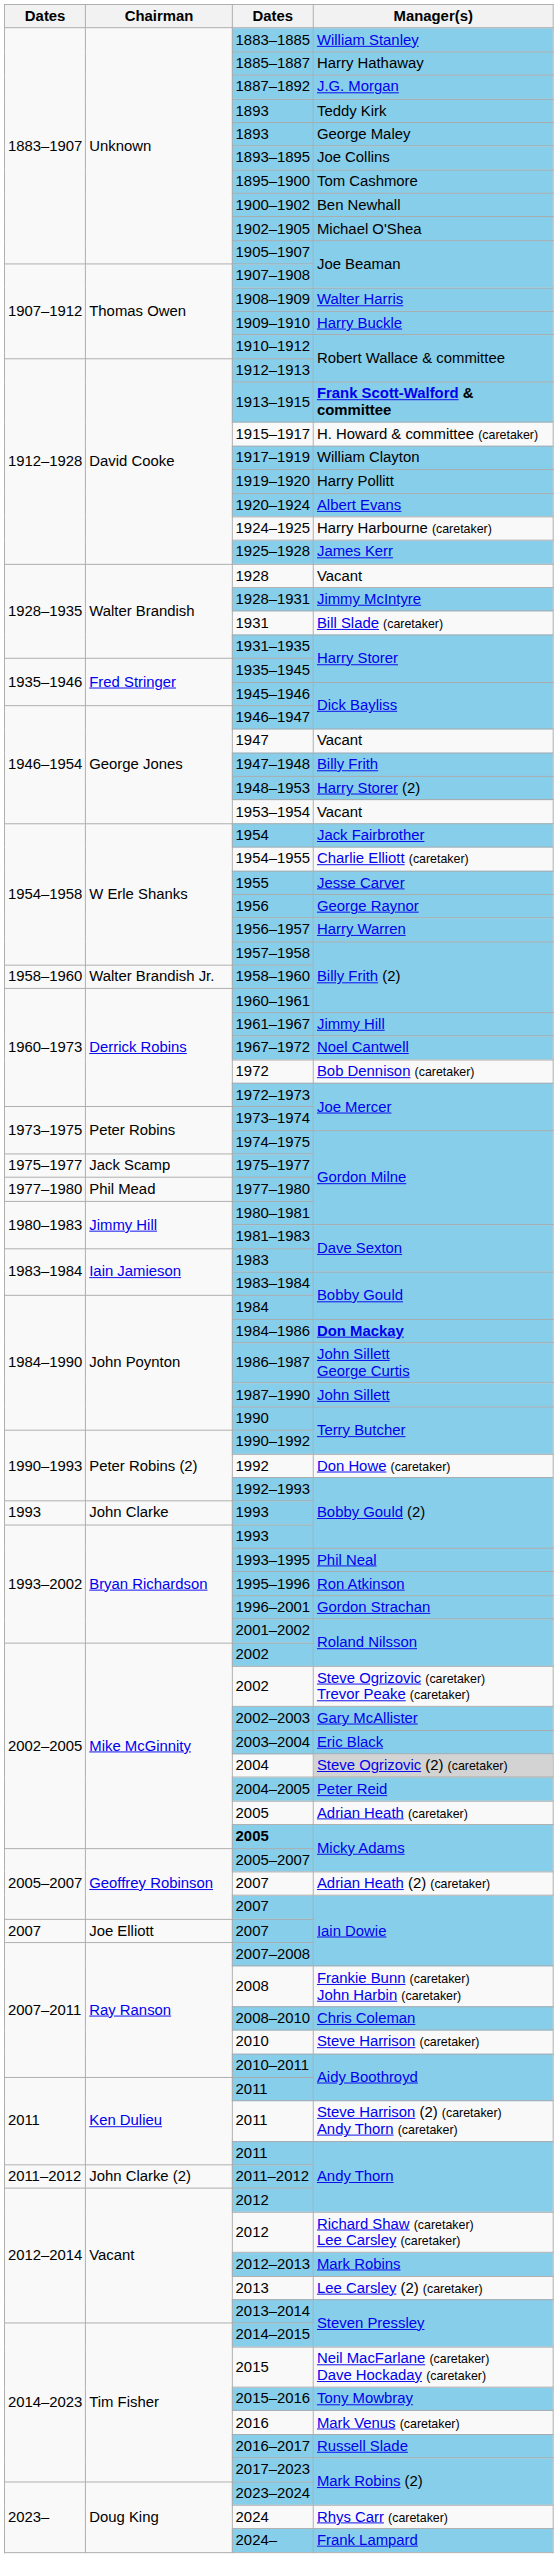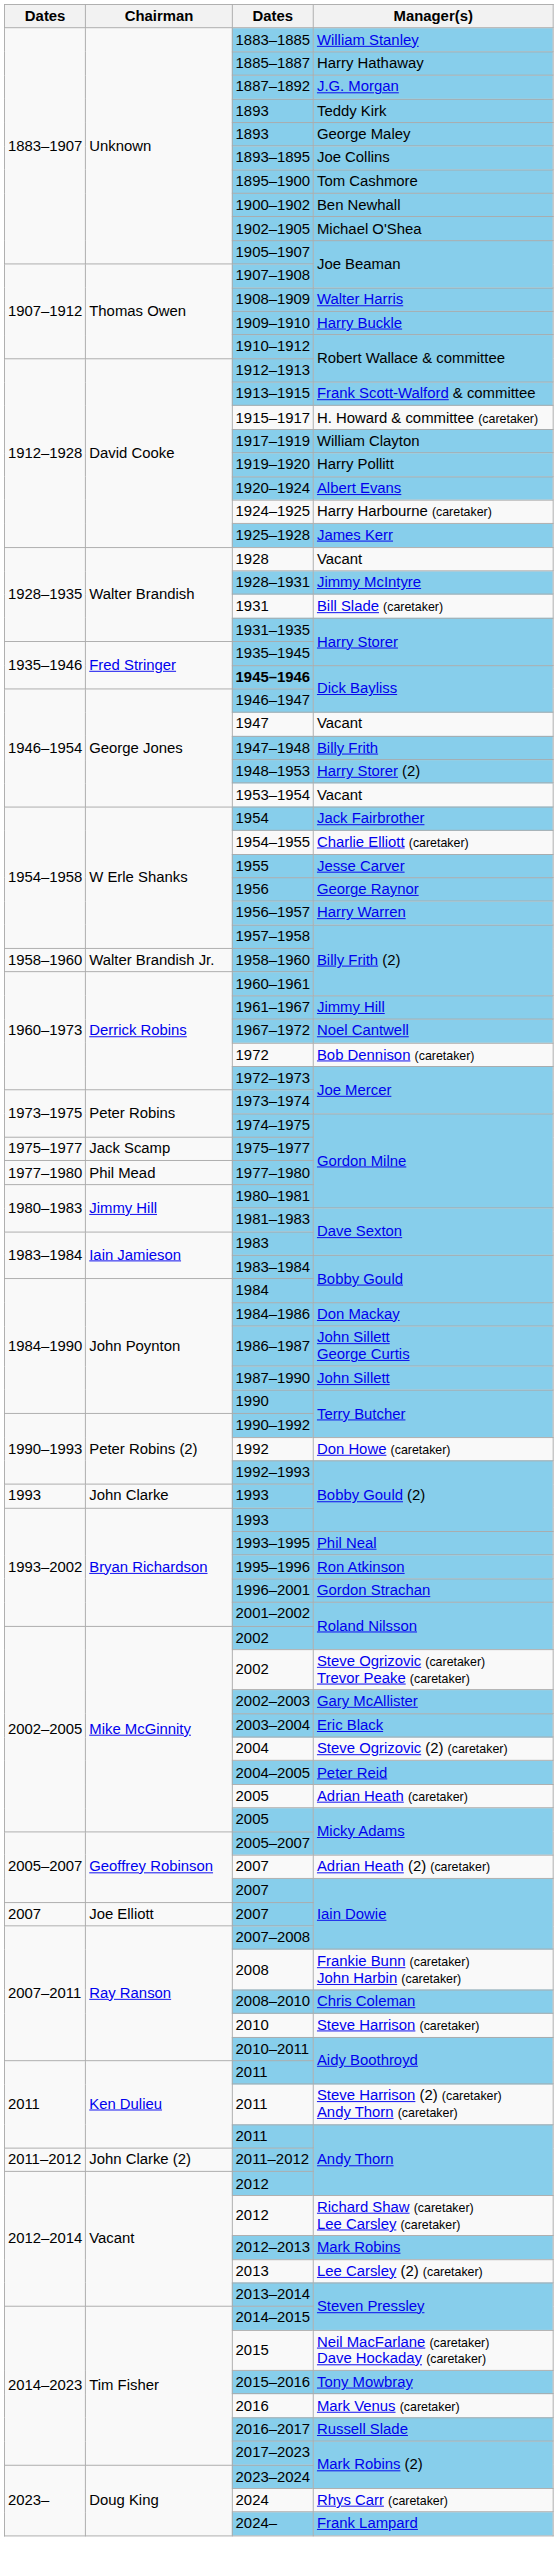 <table class="wikitable">
 <tr>
 <th>Dates</th>
 <th style="width:150px">Chairman</th>
 <th>Dates</th>
 <th style="width:250px">Manager(s)</th>
 </tr>
 <tr>
 <td rowspan=10>1883–1907</td>
 <td rowspan=10>Unknown</td>
 <td style="background:skyblue;">1883–1885</td>
 <td style="background:skyblue;"> <a href='#'>William Stanley</a></td>
 </tr>
 <tr>
 <td style="background:skyblue;">1885–1887</td>
 <td style="background:skyblue;"> Harry Hathaway</td>
 </tr>
 <tr>
 <td style="background:skyblue;">1887–1892</td>
 <td style="background:skyblue;"> <a href='#'>J.G. Morgan</a></td>
 </tr>
 <tr>
 <td style="background:skyblue;">1893</td>
 <td style="background:skyblue;"> Teddy Kirk</td>
 </tr>
 <tr>
 <td style="background:skyblue;">1893</td>
 <td style="background:skyblue;"> George Maley</td>
 </tr>
 <tr>
 <td style="background:skyblue;">1893–1895</td>
 <td style="background:skyblue;"> Joe Collins</td>
 </tr>
 <tr>
 <td style="background:skyblue;">1895–1900</td>
 <td style="background:skyblue;"> Tom Cashmore</td>
 </tr>
 <tr>
 <td style="background:skyblue;">1900–1902</td>
 <td style="background:skyblue;"> Ben Newhall</td>
 </tr>
 <tr>
 <td style="background:skyblue;">1902–1905</td>
 <td style="background:skyblue;"> Michael O'Shea</td>
 </tr>
 <tr>
 <td style="background:skyblue;">1905–1907</td>
 <td rowspan=2 style="background:skyblue;"> Joe Beaman</td>
 </tr>
 <tr>
 <td rowspan=4>1907–1912</td>
 <td rowspan=4> Thomas Owen</td>
 <td style="background:skyblue;">1907–1908</td>
 </tr>
 <tr>
 <td style="background:skyblue;">1908–1909</td>
 <td style="background:skyblue;"> <a href='#'>Walter Harris</a></td>
 </tr>
 <tr>
 <td style="background:skyblue;">1909–1910</td>
 <td style="background:skyblue;"> <a href='#'>Harry Buckle</a></td>
 </tr>
 <tr>
 <td style="background:skyblue;">1910–1912</td>
 <td rowspan=2 style="background:skyblue;"> Robert Wallace & committee</td>
 </tr>
 <tr>
 <td rowspan=8>1912–1928</td>
 <td rowspan=8> David Cooke</td>
 <td style="background:skyblue;">1912–1913</td>
 </tr>
 <tr>
 <td style="background:skyblue;">1913–1915</td>
-<td style="background:skyblue;"><strong> <a href='#'>Frank Scott-Walford</a> & committee</strong></td>
+<td style="background:skyblue;"> <a href='#'>Frank Scott-Walford</a> & committee</td>
 </tr>
 <tr>
 <td>1915–1917</td>
 <td> H. Howard & committee <small>(caretaker)</small></td>
 </tr>
 <tr>
 <td style="background:skyblue;">1917–1919</td>
 <td style="background:skyblue;"> William Clayton</td>
 </tr>
 <tr>
 <td style="background:skyblue;">1919–1920</td>
 <td style="background:skyblue;"> Harry Pollitt</td>
 </tr>
 <tr>
 <td style="background:skyblue;">1920–1924</td>
 <td style="background:skyblue;"> <a href='#'>Albert Evans</a></td>
 </tr>
 <tr>
 <td>1924–1925</td>
 <td> Harry Harbourne <small>(caretaker)</small></td>
 </tr>
 <tr>
 <td style="background:skyblue;">1925–1928</td>
 <td style="background:skyblue;"> <a href='#'>James Kerr</a></td>
 </tr>
 <tr>
 <td rowspan=4>1928–1935</td>
 <td rowspan=4> Walter Brandish</td>
 <td>1928</td>
 <td>Vacant</td>
 </tr>
 <tr>
 <td style="background:skyblue;">1928–1931</td>
 <td style="background:skyblue;"> <a href='#'>Jimmy McIntyre</a></td>
 </tr>
 <tr>
 <td>1931</td>
 <td> <a href='#'>Bill Slade</a> <small>(caretaker)</small></td>
 </tr>
 <tr>
 <td style="background:skyblue;">1931–1935</td>
 <td rowspan=2 style="background:skyblue;"> <a href='#'>Harry Storer</a></td>
 </tr>
 <tr>
 <td rowspan=2>1935–1946</td>
 <td rowspan=2> <a href='#'>Fred Stringer</a></td>
 <td style="background:skyblue;">1935–1945</td>
 </tr>
 <tr>
-<td style="background:skyblue;">1945–1946</td>
+<td style="background:skyblue;"><strong>1945–1946</strong></td>
 <td rowspan=2 style="background:skyblue;"> <a href='#'>Dick Bayliss</a></td>
 </tr>
 <tr>
 <td rowspan=5>1946–1954</td>
 <td rowspan=5> George Jones</td>
 <td style="background:skyblue;">1946–1947</td>
 </tr>
 <tr>
 <td>1947</td>
 <td>Vacant</td>
 </tr>
 <tr>
 <td style="background:skyblue;">1947–1948</td>
 <td style="background:skyblue;"> <a href='#'>Billy Frith</a></td>
 </tr>
 <tr>
 <td style="background:skyblue;">1948–1953</td>
 <td style="background:skyblue;"> <a href='#'>Harry Storer</a> (2)</td>
 </tr>
 <tr>
 <td>1953–1954</td>
 <td>Vacant</td>
 </tr>
 <tr>
 <td rowspan=6>1954–1958</td>
 <td rowspan=6> W Erle Shanks</td>
 <td style="background:skyblue;">1954</td>
 <td style="background:skyblue;"> <a href='#'>Jack Fairbrother</a></td>
 </tr>
 <tr>
 <td>1954–1955</td>
 <td> <a href='#'>Charlie Elliott</a> <small>(caretaker)</small></td>
 </tr>
 <tr>
 <td style="background:skyblue;">1955</td>
 <td style="background:skyblue;"> <a href='#'>Jesse Carver</a></td>
 </tr>
 <tr>
 <td style="background:skyblue;">1956</td>
 <td style="background:skyblue;"> <a href='#'>George Raynor</a></td>
 </tr>
 <tr>
 <td style="background:skyblue;">1956–1957</td>
 <td style="background:skyblue;"> <a href='#'>Harry Warren</a></td>
 </tr>
 <tr>
 <td style="background:skyblue;">1957–1958</td>
 <td rowspan=3 style="background:skyblue;"> <a href='#'>Billy Frith</a> (2)</td>
 </tr>
 <tr>
 <td>1958–1960</td>
 <td> Walter Brandish Jr.</td>
 <td style="background:skyblue;">1958–1960</td>
 </tr>
 <tr>
 <td rowspan=5>1960–1973</td>
 <td rowspan=5> <a href='#'>Derrick Robins</a></td>
 <td style="background:skyblue;">1960–1961</td>
 </tr>
 <tr>
 <td style="background:skyblue;">1961–1967</td>
 <td style="background:skyblue;"> <a href='#'>Jimmy Hill</a></td>
 </tr>
 <tr>
 <td style="background:skyblue;">1967–1972</td>
 <td style="background:skyblue;"> <a href='#'>Noel Cantwell</a></td>
 </tr>
 <tr>
 <td>1972</td>
 <td> <a href='#'>Bob Dennison</a> <small>(caretaker)</small></td>
 </tr>
 <tr>
 <td style="background:skyblue;">1972–1973</td>
 <td rowspan=2 style="background:skyblue;"> <a href='#'>Joe Mercer</a></td>
 </tr>
 <tr>
 <td rowspan=2>1973–1975</td>
 <td rowspan=2> Peter Robins</td>
 <td style="background:skyblue;">1973–1974</td>
 </tr>
 <tr>
 <td style="background:skyblue;">1974–1975</td>
 <td rowspan=4 style="background:skyblue;"> <a href='#'>Gordon Milne</a></td>
 </tr>
 <tr>
 <td>1975–1977</td>
 <td> Jack Scamp</td>
 <td style="background:skyblue;">1975–1977</td>
 </tr>
 <tr>
 <td>1977–1980</td>
 <td> Phil Mead</td>
 <td style="background:skyblue;">1977–1980</td>
 </tr>
 <tr>
 <td rowspan=2>1980–1983</td>
 <td rowspan=2> <a href='#'>Jimmy Hill</a></td>
 <td style="background:skyblue;">1980–1981</td>
 </tr>
 <tr>
 <td style="background:skyblue;">1981–1983</td>
 <td rowspan=2 style="background:skyblue;"> <a href='#'>Dave Sexton</a></td>
 </tr>
 <tr>
 <td rowspan=2>1983–1984</td>
 <td rowspan=2> <a href='#'>Iain Jamieson</a></td>
 <td style="background:skyblue;">1983</td>
 </tr>
 <tr>
 <td style="background:skyblue;">1983–1984</td>
 <td rowspan=2 style="background:skyblue;"> <a href='#'>Bobby Gould</a></td>
 </tr>
 <tr>
 <td rowspan=5>1984–1990</td>
 <td rowspan=5> John Poynton</td>
 <td style="background:skyblue;">1984</td>
 </tr>
 <tr>
 <td style="background:skyblue;">1984–1986</td>
-<td style="background:skyblue;"><strong> <a href='#'>Don Mackay</a></strong></td>
+<td style="background:skyblue;"> <a href='#'>Don Mackay</a></td>
 </tr>
 <tr>
 <td style="background:skyblue;">1986–1987</td>
 <td style="background:skyblue;"> <a href='#'>John Sillett</a><br> <a href='#'>George Curtis</a></td>
 </tr>
 <tr>
 <td style="background:skyblue;">1987–1990</td>
 <td style="background:skyblue;"> <a href='#'>John Sillett</a></td>
 </tr>
 <tr>
 <td style="background:skyblue;">1990</td>
 <td rowspan=2 style="background:skyblue;"> <a href='#'>Terry Butcher</a></td>
 </tr>
 <tr>
 <td rowspan=3>1990–1993</td>
 <td rowspan=3> Peter Robins (2)</td>
 <td style="background:skyblue;">1990–1992</td>
 </tr>
 <tr>
 <td>1992</td>
 <td> <a href='#'>Don Howe</a> <small>(caretaker)</small></td>
 </tr>
 <tr>
 <td style="background:skyblue;">1992–1993</td>
 <td rowspan=3 style="background:skyblue;"> <a href='#'>Bobby Gould</a> (2)</td>
 </tr>
 <tr>
 <td>1993</td>
 <td> John Clarke</td>
 <td style="background:skyblue;">1993</td>
 </tr>
 <tr>
 <td rowspan=5>1993–2002</td>
 <td rowspan=5> <a href='#'>Bryan Richardson</a></td>
 <td style="background:skyblue;">1993</td>
 </tr>
 <tr>
 <td style="background:skyblue;">1993–1995</td>
 <td style="background:skyblue;"> <a href='#'>Phil Neal</a></td>
 </tr>
 <tr>
 <td style="background:skyblue;">1995–1996</td>
 <td style="background:skyblue;"> <a href='#'>Ron Atkinson</a></td>
 </tr>
 <tr>
 <td style="background:skyblue;">1996–2001</td>
 <td style="background:skyblue;"> <a href='#'>Gordon Strachan</a></td>
 </tr>
 <tr>
 <td style="background:skyblue;">2001–2002</td>
 <td rowspan=2 style="background:skyblue;"> <a href='#'>Roland Nilsson</a></td>
 </tr>
 <tr>
 <td rowspan=8>2002–2005</td>
 <td rowspan=8> <a href='#'>Mike McGinnity</a></td>
 <td style="background:skyblue;">2002</td>
 </tr>
 <tr>
 <td>2002</td>
 <td> <a href='#'>Steve Ogrizovic</a> <small>(caretaker)</small><br> <a href='#'>Trevor Peake</a> <small>(caretaker)</small></td>
 </tr>
 <tr>
 <td style="background:skyblue;">2002–2003</td>
 <td style="background:skyblue;"> <a href='#'>Gary McAllister</a></td>
 </tr>
 <tr>
 <td style="background:skyblue;">2003–2004</td>
 <td style="background:skyblue;"> <a href='#'>Eric Black</a></td>
 </tr>
 <tr>
 <td>2004</td>
-<td style="background: lightgrey;"> <a href='#'>Steve Ogrizovic</a> (2) <small>(caretaker)</small></td>
+<td> <a href='#'>Steve Ogrizovic</a> (2) <small>(caretaker)</small></td>
 </tr>
 <tr>
 <td style="background:skyblue;">2004–2005</td>
 <td style="background:skyblue;"> <a href='#'>Peter Reid</a></td>
 </tr>
 <tr>
 <td>2005</td>
 <td> <a href='#'>Adrian Heath</a> <small>(caretaker)</small></td>
 </tr>
 <tr>
-<td style="background:skyblue;"><strong>2005</strong></td>
+<td style="background:skyblue;">2005</td>
 <td rowspan=2 style="background:skyblue;"> <a href='#'>Micky Adams</a></td>
 </tr>
 <tr>
 <td rowspan=3>2005–2007</td>
 <td rowspan=3> <a href='#'>Geoffrey Robinson</a></td>
 <td style="background:skyblue;">2005–2007</td>
 </tr>
 <tr>
 <td>2007</td>
 <td> <a href='#'>Adrian Heath</a> (2) <small>(caretaker)</small></td>
 </tr>
 <tr>
 <td style="background:skyblue;">2007</td>
 <td rowspan=3 style="background:skyblue;"> <a href='#'>Iain Dowie</a></td>
 </tr>
 <tr>
 <td>2007</td>
 <td> Joe Elliott</td>
 <td style="background:skyblue;">2007</td>
 </tr>
 <tr>
 <td rowspan=5>2007–2011</td>
 <td rowspan=5> <a href='#'>Ray Ranson</a></td>
 <td style="background:skyblue;">2007–2008</td>
 </tr>
 <tr>
 <td>2008</td>
 <td> <a href='#'>Frankie Bunn</a> <small>(caretaker)</small><br> <a href='#'>John Harbin</a> <small>(caretaker)</small></td>
 </tr>
 <tr>
 <td style="background:skyblue;">2008–2010</td>
 <td style="background:skyblue;"> <a href='#'>Chris Coleman</a></td>
 </tr>
 <tr>
 <td>2010</td>
 <td> <a href='#'>Steve Harrison</a> <small>(caretaker)</small></td>
 </tr>
 <tr>
 <td style="background:skyblue;">2010–2011</td>
 <td rowspan=2 style="background:skyblue;"> <a href='#'>Aidy Boothroyd</a></td>
 </tr>
 <tr>
 <td rowspan=3>2011</td>
 <td rowspan=3> <a href='#'>Ken Dulieu</a></td>
 <td style="background:skyblue;">2011</td>
 </tr>
 <tr>
 <td>2011</td>
 <td> <a href='#'>Steve Harrison</a> (2) <small>(caretaker)</small><br> <a href='#'>Andy Thorn</a> <small>(caretaker)</small></td>
 </tr>
 <tr>
 <td style="background:skyblue;">2011</td>
 <td rowspan=3 style="background:skyblue;"> <a href='#'>Andy Thorn</a></td>
 </tr>
 <tr>
 <td>2011–2012</td>
 <td> John Clarke (2)</td>
 <td style="background:skyblue;">2011–2012</td>
 </tr>
 <tr>
 <td rowspan=5>2012–2014</td>
 <td rowspan=5>Vacant</td>
 <td style="background:skyblue;">2012</td>
 </tr>
 <tr>
 <td>2012</td>
 <td> <a href='#'>Richard Shaw</a> <small>(caretaker)</small><br> <a href='#'>Lee Carsley</a> <small>(caretaker)</small></td>
 </tr>
 <tr>
 <td style="background:skyblue;">2012–2013</td>
 <td style="background:skyblue;"> <a href='#'>Mark Robins</a></td>
 </tr>
 <tr>
 <td>2013</td>
 <td> <a href='#'>Lee Carsley</a> (2) <small>(caretaker)</small></td>
 </tr>
 <tr>
 <td style="background:skyblue;">2013–2014</td>
 <td rowspan=2 style="background:skyblue;"> <a href='#'>Steven Pressley</a></td>
 </tr>
 <tr>
 <td rowspan=6>2014–2023</td>
 <td rowspan=6> Tim Fisher</td>
 <td style="background:skyblue;">2014–2015</td>
 </tr>
 <tr>
 <td>2015</td>
 <td> <a href='#'>Neil MacFarlane</a> <small>(caretaker)</small><br> <a href='#'>Dave Hockaday</a> <small>(caretaker)</small></td>
 </tr>
 <tr>
 <td style="background:skyblue;">2015–2016</td>
 <td style="background:skyblue;"> <a href='#'>Tony Mowbray</a></td>
 </tr>
 <tr>
 <td>2016</td>
 <td> <a href='#'>Mark Venus</a> <small>(caretaker)</small></td>
 </tr>
 <tr>
 <td style="background:skyblue;">2016–2017</td>
 <td style="background:skyblue;"> <a href='#'>Russell Slade</a></td>
 </tr>
 <tr>
 <td style="background:skyblue;">2017–2023</td>
 <td rowspan=2 style="background:skyblue;"> <a href='#'>Mark Robins</a> (2)</td>
 </tr>
 <tr>
 <td rowspan=3>2023–</td>
 <td rowspan=3> Doug King</td>
 <td style="background:skyblue;">2023–2024</td>
 </tr>
 <tr>
 <td>2024</td>
 <td> <a href='#'>Rhys Carr</a> <small>(caretaker)</small></td>
 </tr>
 <tr>
 <td style="background:skyblue;">2024–</td>
 <td style="background:skyblue;"> <a href='#'>Frank Lampard</a></td>
 </tr>
 </table>
